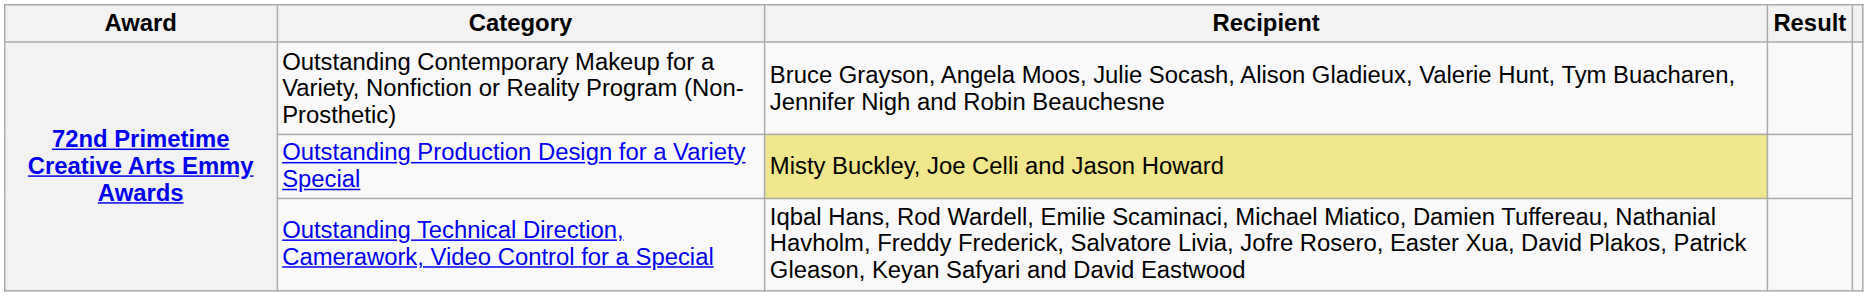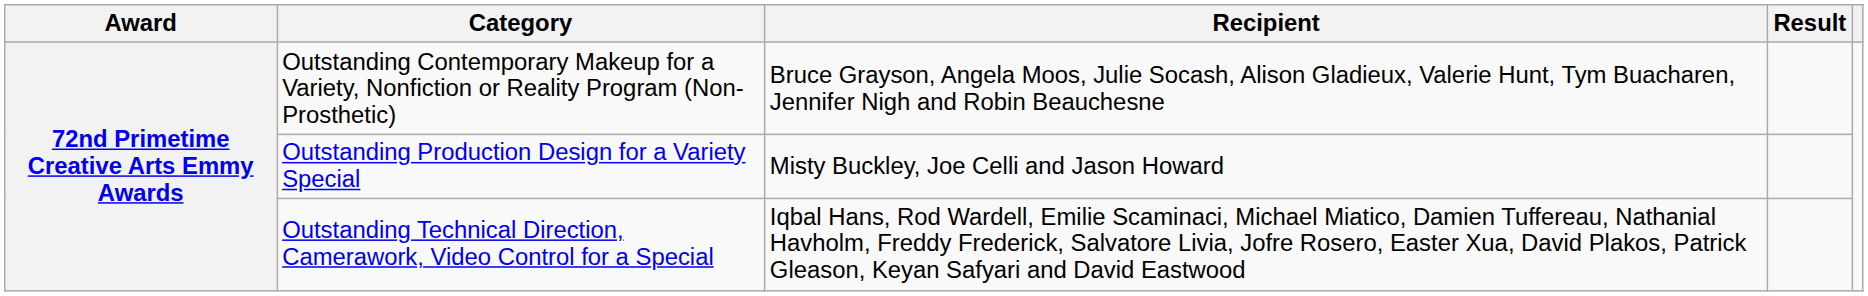 <table class="wikitable sortable plainrowheaders">
 <tr>
 <th scope="col">Award</th>
 <th scope="col">Category</th>
 <th scope="col">Recipient</th>
 <th scope="col">Result</th>
 <th scope="col" class="unsortable"></th>
 </tr>
 <tr>
 <th scope="row" rowspan="3"><a href='#'>72nd Primetime Creative Arts Emmy Awards</a></th>
 <td>Outstanding Contemporary Makeup for a Variety, Nonfiction or Reality Program (Non-Prosthetic)</td>
 <td>Bruce Grayson, Angela Moos, Julie Socash, Alison Gladieux, Valerie Hunt, Tym Buacharen, Jennifer Nigh and Robin Beauchesne</td>
 <td></td>
 <td rowspan="3" style="text-align: center;"></td>
 </tr>
 <tr>
 <td><a href='#'>Outstanding Production Design for a Variety Special</a></td>
-<td style="background: khaki;">Misty Buckley, Joe Celli and Jason Howard</td>
+<td>Misty Buckley, Joe Celli and Jason Howard</td>
 <td></td>
 </tr>
 <tr>
 <td><a href='#'>Outstanding Technical Direction, Camerawork, Video Control for a Special</a></td>
 <td>Iqbal Hans, Rod Wardell, Emilie Scaminaci, Michael Miatico, Damien Tuffereau, Nathanial Havholm, Freddy Frederick, Salvatore Livia, Jofre Rosero, Easter Xua, David Plakos, Patrick Gleason, Keyan Safyari and David Eastwood</td>
 <td></td>
 </tr>
 </table>
